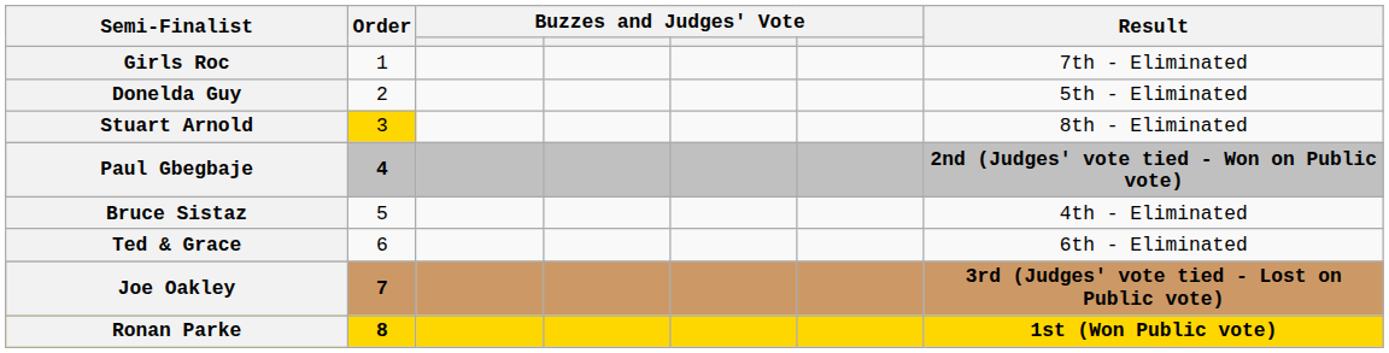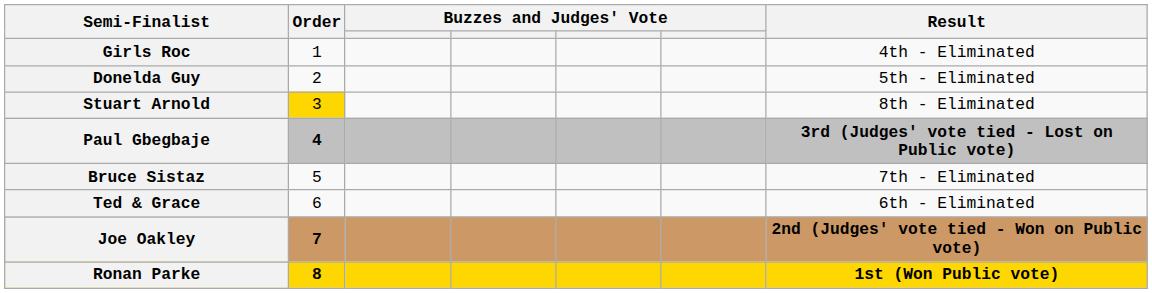 <table class="wikitable plainrowheaders sortable" style="text-align:center;">
 <tr>
 <th rowspan=2 class="unsortable" style="width:17em;">Semi-Finalist</th>
 <th rowspan=2 style="width:1em;">Order</th>
 <th colspan=4 class="unsortable" style="width:24em;">Buzzes and Judges' Vote</th>
 <th rowspan=2 style="width:23em;">Result </th>
 </tr>
 <tr>
 <th scope="col" class="unsortable" style="width:6em;"></th>
 <th scope="col" class="unsortable" style="width:6em;"></th>
 <th scope="col" class="unsortable" style="width:6em;"></th>
 <th scope="col" class="unsortable" style="width:6em;"></th>
 </tr>
 <tr>
 <th scope="row">Girls Roc</th>
 <td>1</td>
 <td style="text-align:center;"></td>
 <td style="text-align:center;"></td>
 <td style="text-align:center;"></td>
 <td style="text-align:center;"></td>
-<td>7th - Eliminated</td>
+<td>4th - Eliminated</td>
 </tr>
 <tr>
 <th scope="row">Donelda Guy</th>
 <td>2</td>
 <td style="text-align:center;"></td>
 <td style="text-align:center;"></td>
 <td style="text-align:center;"></td>
 <td style="text-align:center;"></td>
 <td>5th - Eliminated</td>
 </tr>
 <tr>
 <th scope="row">Stuart Arnold</th>
 <td style="background: gold;">3</td>
 <td style="text-align:center;"></td>
 <td style="text-align:center;"></td>
 <td style="text-align:center;"></td>
 <td style="text-align:center;"></td>
 <td>8th - Eliminated</td>
 </tr>
 <tr bgcolor=silver>
 <th scope="row"><strong>Paul Gbegbaje</strong></th>
 <td><strong>4</strong></td>
 <td style="text-align:center;"></td>
 <td style="text-align:center;"></td>
 <td style="text-align:center;"></td>
 <td style="text-align:center;"></td>
-<td><strong>2nd (Judges' vote tied - Won on Public vote)</strong></td>
+<td><strong>3rd (Judges' vote tied - Lost on Public vote)</strong></td>
 </tr>
 <tr>
 <th scope="row">Bruce Sistaz</th>
 <td>5</td>
 <td style="text-align:center;"></td>
 <td style="text-align:center;"></td>
 <td style="text-align:center;"></td>
 <td style="text-align:center;"></td>
-<td>4th - Eliminated</td>
+<td>7th - Eliminated</td>
 </tr>
 <tr>
 <th scope="row">Ted & Grace</th>
 <td>6</td>
 <td style="text-align:center;"></td>
 <td style="text-align:center;"></td>
 <td style="text-align:center;"></td>
 <td style="text-align:center;"></td>
 <td>6th - Eliminated</td>
 </tr>
 <tr bgcolor=#c96>
 <th scope="row"><strong>Joe Oakley</strong></th>
 <td><strong>7</strong></td>
 <td style="text-align:center;"></td>
 <td style="text-align:center;"></td>
 <td style="text-align:center;"></td>
 <td style="text-align:center;"></td>
-<td><strong>3rd (Judges' vote tied - Lost on Public vote)</strong></td>
+<td><strong>2nd (Judges' vote tied - Won on Public vote)</strong></td>
 </tr>
 <tr bgcolor=gold>
 <th scope="row"><strong>Ronan Parke</strong></th>
 <td><strong>8</strong></td>
 <td style="text-align:center;"></td>
 <td style="text-align:center;"></td>
 <td style="text-align:center;"></td>
 <td style="text-align:center;"></td>
 <td><strong>1st (Won Public vote)</strong></td>
 </tr>
 </table>
